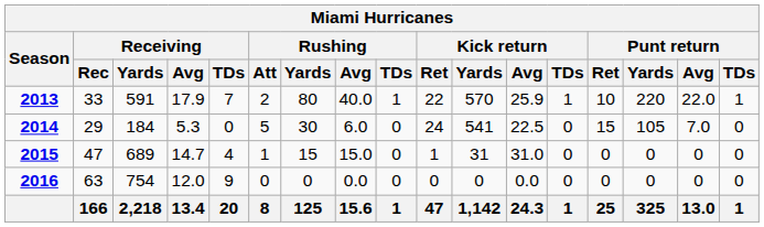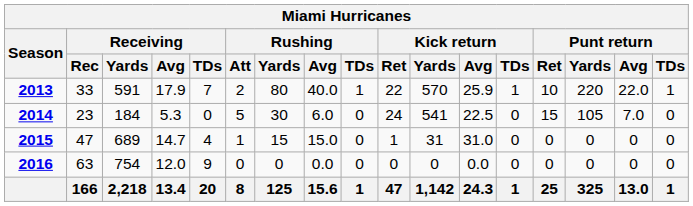 <table class=wikitable style="text-align:center;">
 <tr>
 <th colspan="21">Miami Hurricanes</th>
 </tr>
 <tr>
 <th rowspan=2>Season</th>
 <th colspan=4>Receiving</th>
 <th colspan=4>Rushing</th>
 <th colspan=4>Kick return</th>
 <th colspan=4>Punt return</th>
 </tr>
 <tr>
 <th>Rec</th>
 <th>Yards</th>
 <th>Avg</th>
 <th>TDs</th>
 <th>Att</th>
 <th>Yards</th>
 <th>Avg</th>
 <th>TDs</th>
 <th>Ret</th>
 <th>Yards</th>
 <th>Avg</th>
 <th>TDs</th>
 <th>Ret</th>
 <th>Yards</th>
 <th>Avg</th>
 <th>TDs</th>
 </tr>
 <tr>
 <td><strong><a href='#'>2013</a></strong></td>
 <td>33</td>
 <td>591</td>
 <td>17.9</td>
 <td>7</td>
 <td>2</td>
 <td>80</td>
 <td>40.0</td>
 <td>1</td>
 <td>22</td>
 <td>570</td>
 <td>25.9</td>
 <td>1</td>
 <td>10</td>
 <td>220</td>
 <td>22.0</td>
 <td>1</td>
 </tr>
 <tr>
 <td><strong><a href='#'>2014</a></strong></td>
-<td>29</td>
+<td>23</td>
 <td>184</td>
 <td>5.3</td>
 <td>0</td>
 <td>5</td>
 <td>30</td>
 <td>6.0</td>
 <td>0</td>
 <td>24</td>
 <td>541</td>
 <td>22.5</td>
 <td>0</td>
 <td>15</td>
 <td>105</td>
 <td>7.0</td>
 <td>0</td>
 </tr>
 <tr>
 <td><strong><a href='#'>2015</a></strong></td>
 <td>47</td>
 <td>689</td>
 <td>14.7</td>
 <td>4</td>
 <td>1</td>
 <td>15</td>
 <td>15.0</td>
 <td>0</td>
 <td>1</td>
 <td>31</td>
 <td>31.0</td>
 <td>0</td>
 <td>0</td>
 <td>0</td>
 <td>0</td>
 <td>0</td>
 </tr>
 <tr>
 <td><strong><a href='#'>2016</a></strong></td>
 <td>63</td>
 <td>754</td>
 <td>12.0</td>
 <td>9</td>
 <td>0</td>
 <td>0</td>
 <td>0.0</td>
 <td>0</td>
 <td>0</td>
 <td>0</td>
 <td>0.0</td>
 <td>0</td>
 <td>0</td>
 <td>0</td>
 <td>0</td>
 <td>0</td>
 </tr>
 <tr>
 <th colspan=1></th>
 <th>166</th>
 <th>2,218</th>
 <th>13.4</th>
 <th>20</th>
 <th>8</th>
 <th>125</th>
 <th>15.6</th>
 <th>1</th>
 <th>47</th>
 <th>1,142</th>
 <th>24.3</th>
 <th>1</th>
 <th>25</th>
 <th>325</th>
 <th>13.0</th>
 <th>1</th>
 </tr>
 </table>
